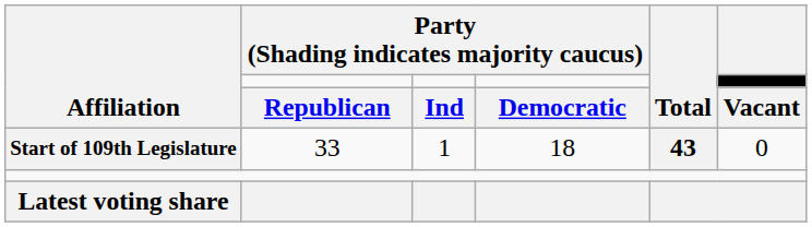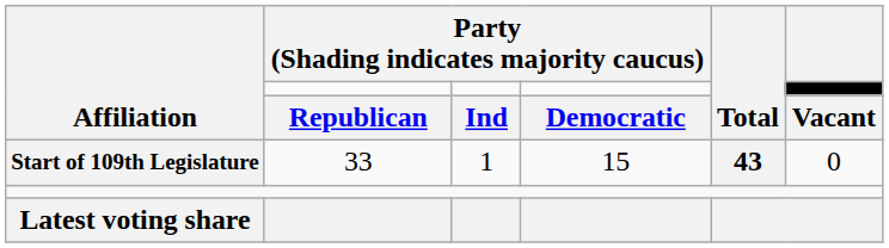 <table class=wikitable style="text-align:center">
 <tr style="vertical-align:bottom;">
 <th rowspan=3>Affiliation</th>
 <th colspan=3>Party <div>(Shading indicates majority caucus)</div></th>
 <th rowspan=3>Total</th>
 <th></th>
 </tr>
 <tr style="height:5px">
 <td style="background-color:"></td>
 <td style="background-color:"></td>
 <td style="background-color:"></td>
 <td style="background: black"></td>
 </tr>
 <tr>
 <th><a href='#'>Republican</a></th>
 <th><a href='#'>Ind</a></th>
 <th><a href='#'>Democratic</a></th>
 <th>Vacant</th>
 </tr>
 <tr>
 <th nowrap style="font-size:80%">Start of 109th Legislature</th>
 <td>33</td>
 <td>1</td>
-<td>18</td>
+<td>15</td>
 <th>43</th>
 <td>0</td>
 </tr>
 <tr>
 <td colspan=6></td>
 </tr>
 <tr>
 <th>Latest voting share</th>
 <th></th>
 <th></th>
 <th></th>
 <th colspan=2></th>
 </tr>
 </table>
